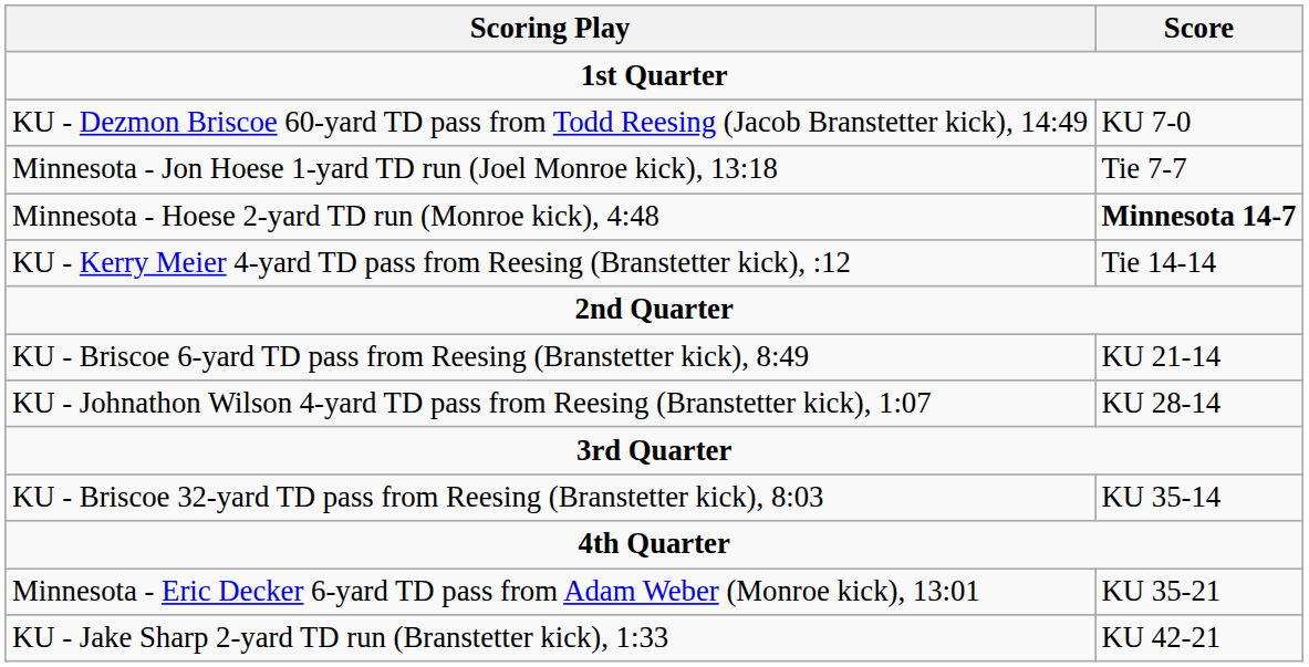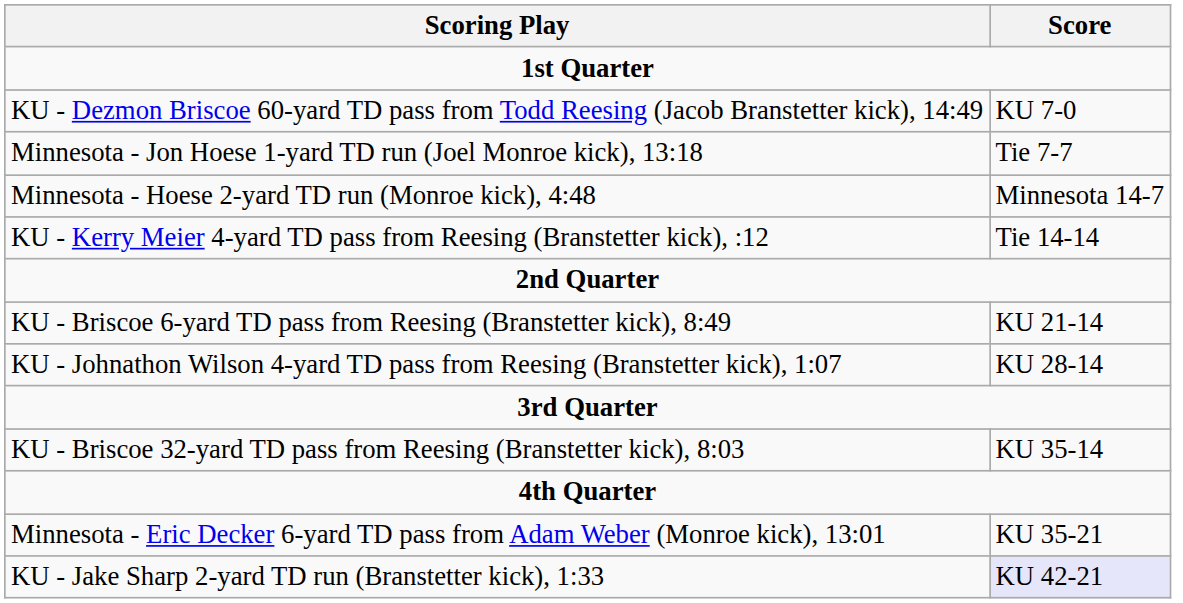 <table class="wikitable">
 <tr>
 <th>Scoring Play</th>
 <th>Score</th>
 </tr>
 <tr>
 <td colspan="4" align="center"><strong>1st Quarter</strong></td>
 </tr>
 <tr>
 <td>KU - <a href='#'>Dezmon Briscoe</a> 60-yard TD pass from <a href='#'>Todd Reesing</a> (Jacob Branstetter kick), 14:49</td>
 <td>KU 7-0</td>
 </tr>
 <tr>
 <td>Minnesota - Jon Hoese 1-yard TD run (Joel Monroe kick), 13:18</td>
 <td>Tie 7-7</td>
 </tr>
 <tr>
 <td>Minnesota - Hoese 2-yard TD run (Monroe kick), 4:48</td>
-<td><strong>Minnesota 14-7</strong></td>
+<td>Minnesota 14-7</td>
 </tr>
 <tr>
 <td>KU - <a href='#'>Kerry Meier</a> 4-yard TD pass from Reesing (Branstetter kick), :12</td>
 <td>Tie 14-14</td>
 </tr>
 <tr>
 <td colspan="4" align="center"><strong>2nd Quarter</strong></td>
 </tr>
 <tr>
 <td>KU - Briscoe 6-yard TD pass from Reesing (Branstetter kick), 8:49</td>
 <td>KU 21-14</td>
 </tr>
 <tr>
 <td>KU - Johnathon Wilson 4-yard TD pass from Reesing (Branstetter kick), 1:07</td>
 <td>KU 28-14</td>
 </tr>
 <tr>
 <td colspan="4" align="center"><strong>3rd Quarter</strong></td>
 </tr>
 <tr>
 <td>KU - Briscoe 32-yard TD pass from Reesing (Branstetter kick), 8:03</td>
 <td>KU 35-14</td>
 </tr>
 <tr>
 <td colspan="4" align="center"><strong>4th Quarter</strong></td>
 </tr>
 <tr>
 <td>Minnesota - <a href='#'>Eric Decker</a> 6-yard TD pass from <a href='#'>Adam Weber</a> (Monroe kick), 13:01</td>
 <td>KU 35-21</td>
 </tr>
 <tr>
 <td>KU - Jake Sharp 2-yard TD run (Branstetter kick), 1:33</td>
-<td>KU 42-21</td>
+<td style="background: lavender;">KU 42-21</td>
 </tr>
 </table>
